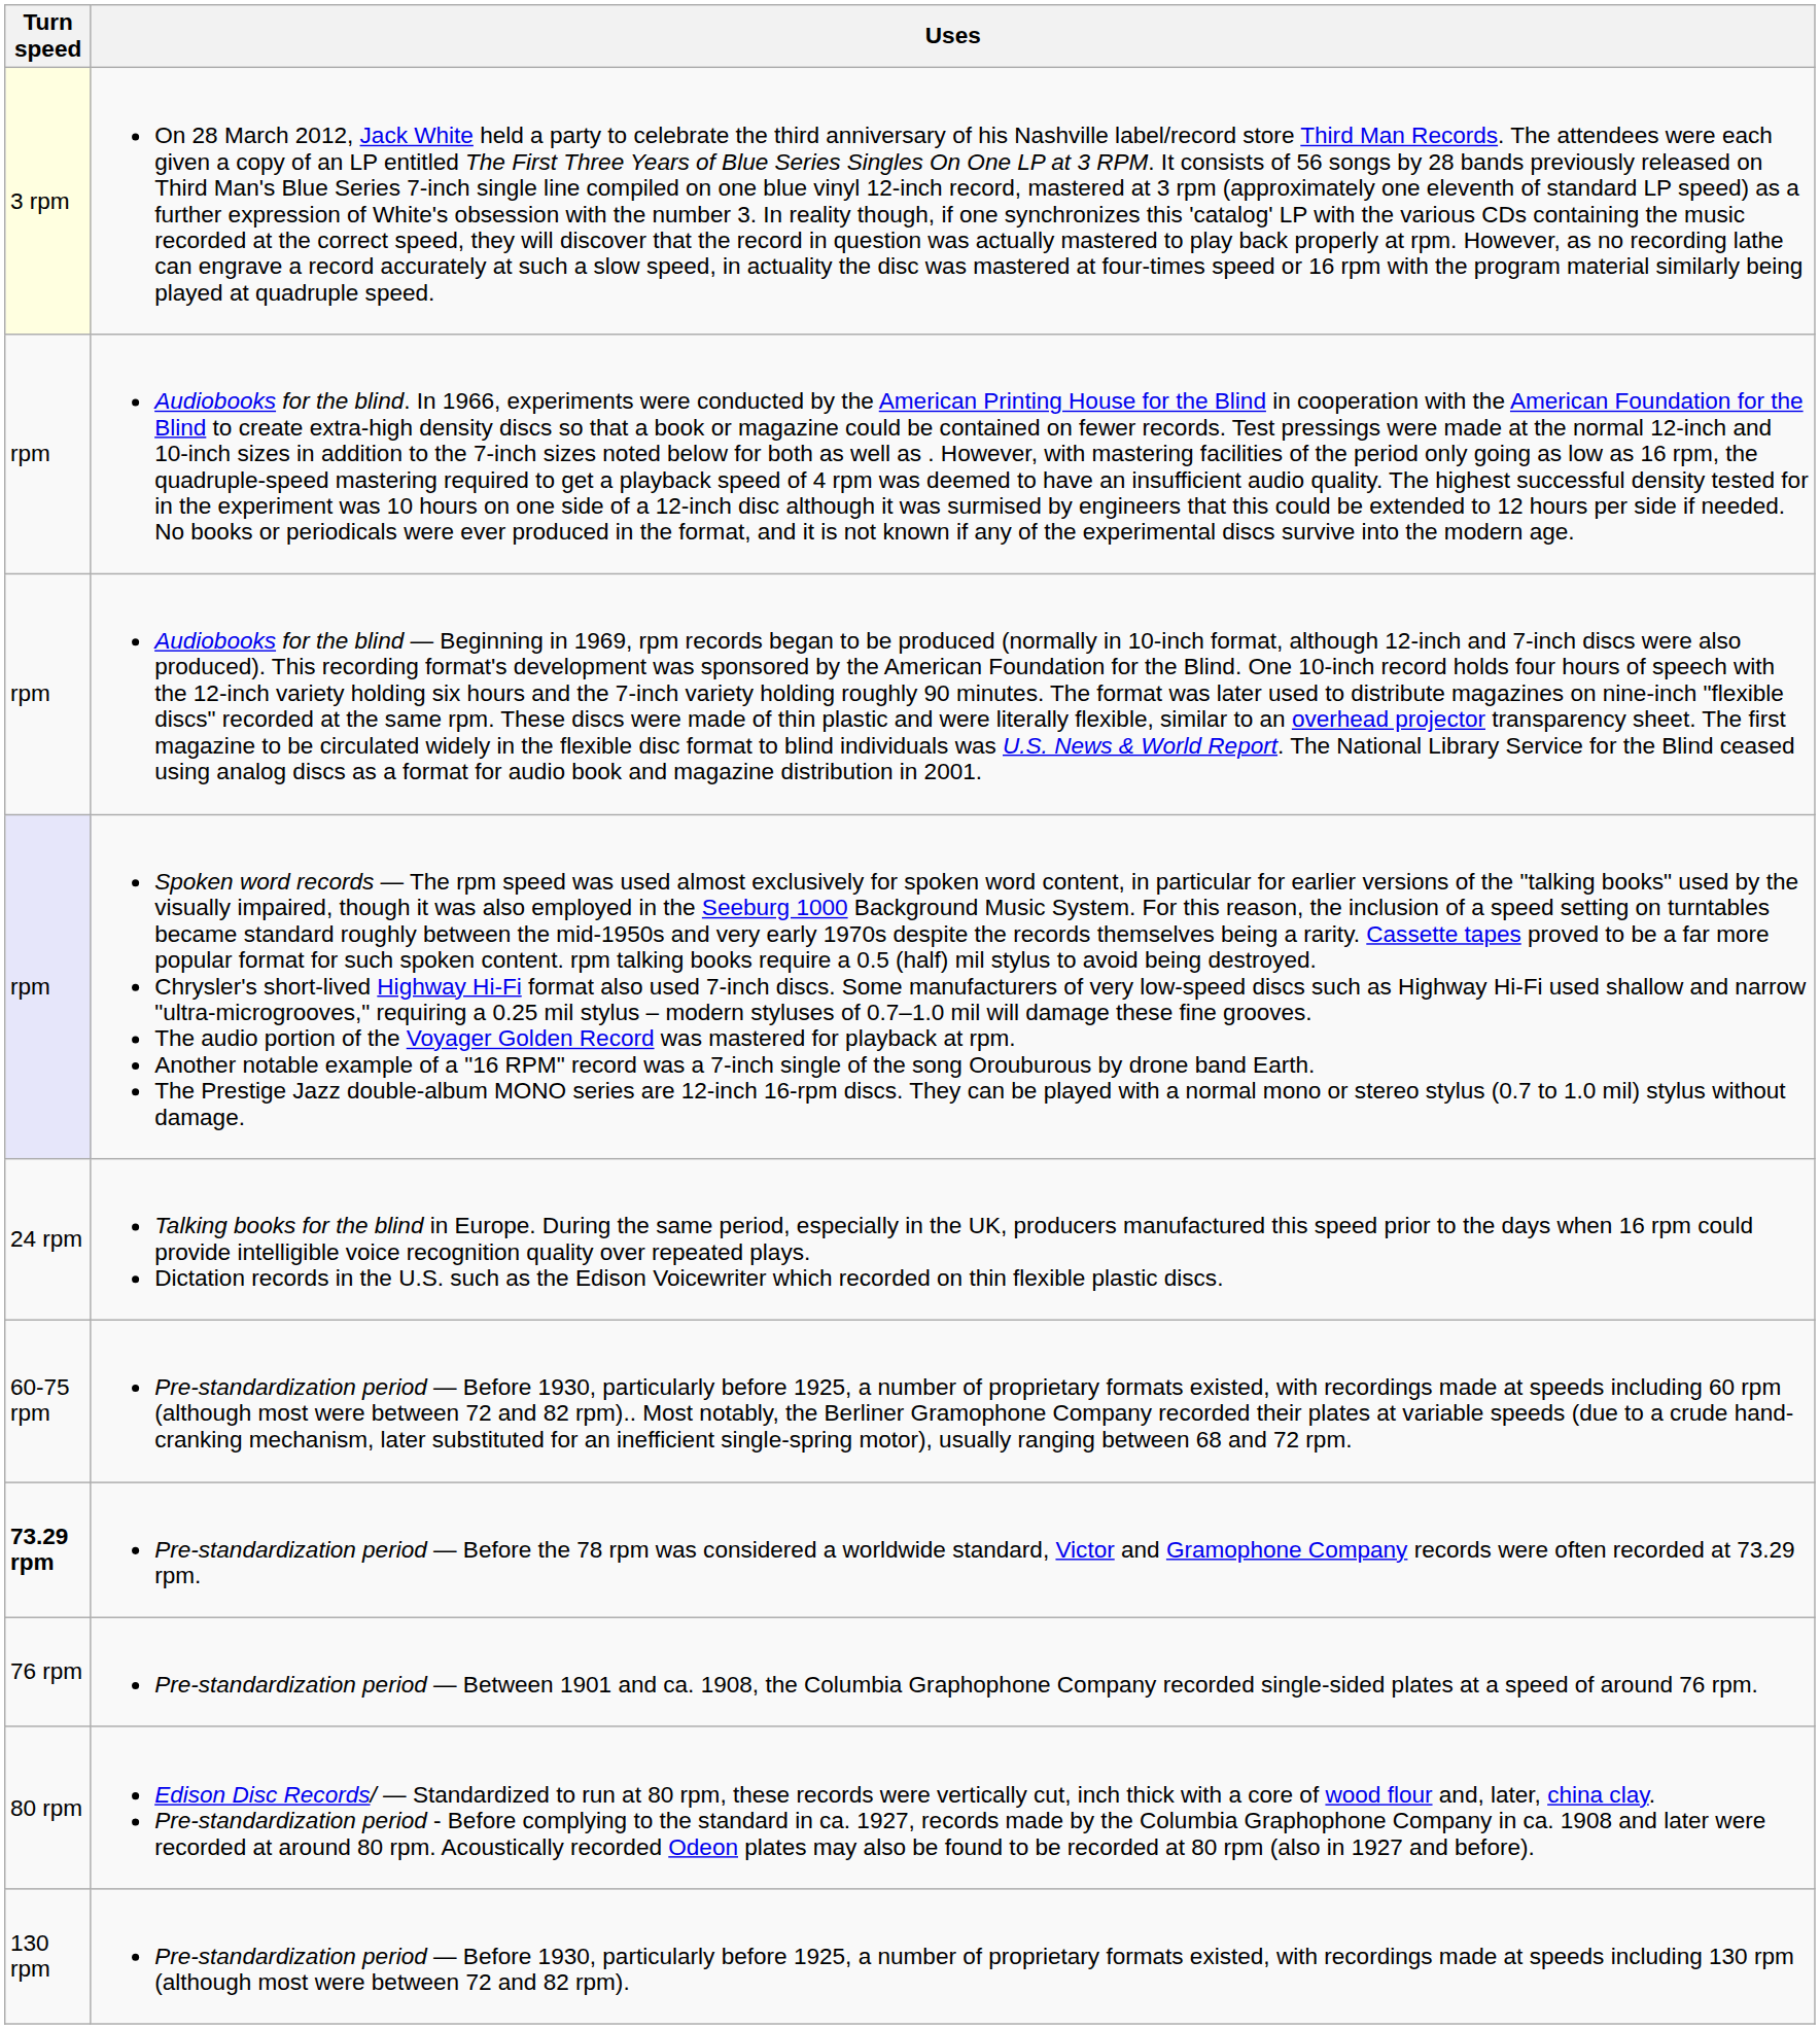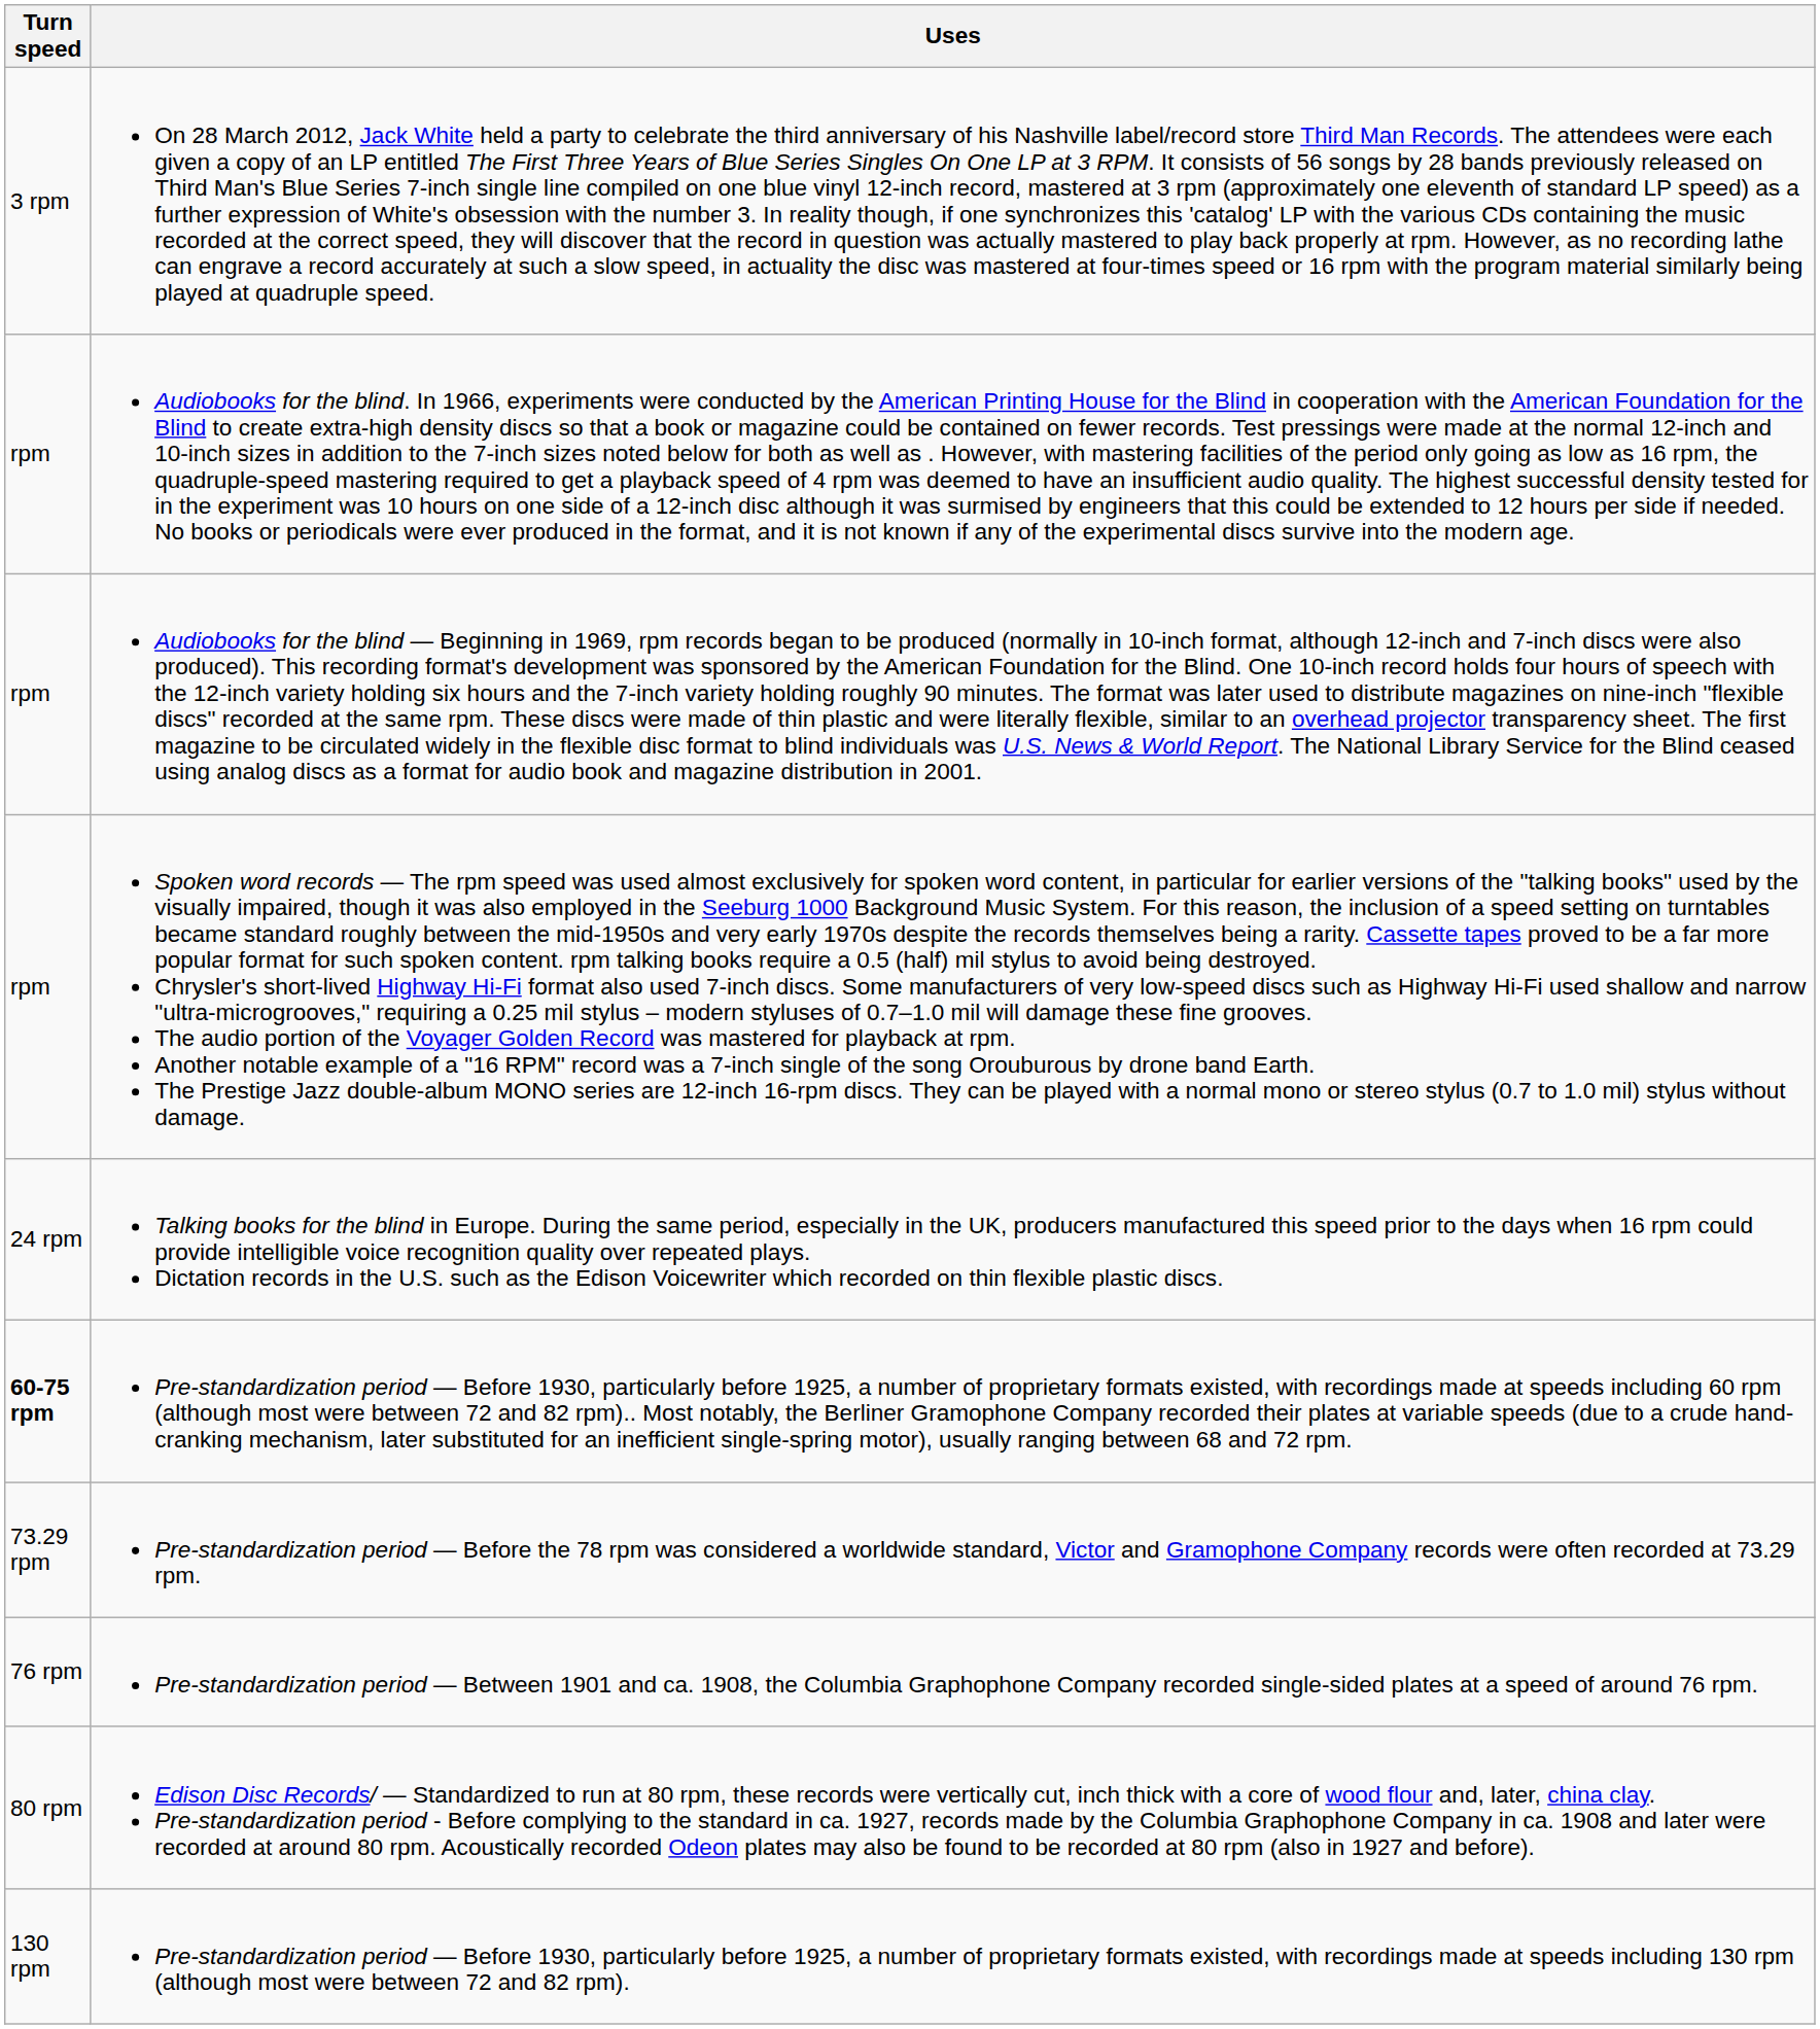 <table class="wikitable">
 <tr>
 <th>Turn speed</th>
 <th>Uses</th>
 </tr>
 <tr>
-<td style="background: lightyellow;">3 rpm</td>
+<td>3 rpm</td>
 <td><br><ul><li>On 28 March 2012, <a href='#'>Jack White</a> held a party to celebrate the third anniversary of his Nashville label/record store <a href='#'>Third Man Records</a>. The attendees were each given a copy of an LP entitled <em>The First Three Years of Blue Series Singles On One LP at 3 RPM</em>. It consists of 56 songs by 28 bands previously released on Third Man's Blue Series 7-inch single line compiled on one blue vinyl 12-inch record, mastered at 3 rpm (approximately one eleventh of standard LP speed) as a further expression of White's obsession with the number 3. In reality though, if one synchronizes this 'catalog' LP with the various CDs containing the music recorded at the correct speed, they will discover that the record in question was actually mastered to play back properly at  rpm. However, as no recording lathe can engrave a record accurately at such a slow speed, in actuality the disc was mastered at four-times speed or 16 rpm with the program material similarly being played at quadruple speed.</li></ul></td>
 </tr>
 <tr>
 <td> rpm</td>
 <td><br><ul><li><em><a href='#'>Audiobooks</a> for the blind</em>. In 1966, experiments were conducted by the <a href='#'>American Printing House for the Blind</a> in cooperation with the <a href='#'>American Foundation for the Blind</a> to create extra-high density discs so that a book or magazine could be contained on fewer records. Test pressings were made at the normal 12-inch and 10-inch sizes in addition to the 7-inch sizes noted below for both  as well as . However, with mastering facilities of the period only going as low as 16 rpm, the quadruple-speed mastering required to get a playback speed of 4 rpm was deemed to have an insufficient audio quality. The highest successful density tested for in the experiment was 10 hours on one side of a 12-inch disc although it was surmised by engineers that this could be extended to 12 hours per side if needed. No books or periodicals were ever produced in the format, and it is not known if any of the experimental discs survive into the modern age.</li></ul></td>
 </tr>
 <tr>
 <td> rpm</td>
 <td><br><ul><li><em><a href='#'>Audiobooks</a> for the blind</em> — Beginning in 1969,  rpm records began to be produced (normally in 10-inch format, although 12-inch and 7-inch discs were also produced). This recording format's development was sponsored by the American Foundation for the Blind. One 10-inch record holds four hours of speech with the 12-inch variety holding six hours and the 7-inch variety holding roughly 90 minutes. The format was later used to distribute magazines on nine-inch "flexible discs" recorded at the same  rpm. These discs were made of thin plastic and were literally flexible, similar to an <a href='#'>overhead projector</a> transparency sheet. The first magazine to be circulated widely in the flexible disc format to blind individuals was <em><a href='#'>U.S. News & World Report</a></em>. The National Library Service for the Blind ceased using analog discs as a format for audio book and magazine distribution in 2001.</li></ul></td>
 </tr>
 <tr>
-<td style="background: lavender;"> rpm</td>
+<td> rpm</td>
 <td><br><ul><li><em>Spoken word records</em> — The  rpm speed was used almost exclusively for spoken word content, in particular for earlier versions of the "talking books" used by the visually impaired, though it was also employed in the <a href='#'>Seeburg 1000</a> Background Music System. For this reason, the inclusion of a  speed setting on turntables became standard roughly between the mid-1950s and very early 1970s despite the records themselves being a rarity. <a href='#'>Cassette tapes</a> proved to be a far more popular format for such spoken content.  rpm talking books require a 0.5 (half) mil stylus to avoid being destroyed.</li><li>Chrysler's short-lived <a href='#'>Highway Hi-Fi</a> format also used  7-inch discs. Some manufacturers of very low-speed discs such as Highway Hi-Fi used shallow and narrow "ultra-microgrooves," requiring a 0.25 mil stylus – modern styluses of 0.7–1.0 mil will damage these fine grooves.</li><li>The audio portion of the <a href='#'>Voyager Golden Record</a> was mastered for playback at  rpm.</li><li>Another notable example of a "16 RPM" record was a 7-inch single of the song Orouburous by drone band Earth.</li><li>The Prestige Jazz double-album MONO series are 12-inch 16-rpm discs. They can be played with a normal mono or stereo stylus (0.7 to 1.0 mil) stylus without damage.</li></ul></td>
 </tr>
 <tr>
 <td>24 rpm</td>
 <td><br><ul><li><em>Talking books for the blind</em> in Europe. During the same period, especially in the UK, producers manufactured this speed prior to the days when 16 rpm could provide intelligible voice recognition quality over repeated plays.</li><li>Dictation records in the U.S. such as the Edison Voicewriter which recorded on thin flexible plastic discs.</li></ul></td>
 </tr>
 <tr>
-<td>60-75 rpm</td>
+<td><strong>60-75 rpm</strong></td>
 <td><br><ul><li><em>Pre-standardization period</em> — Before 1930, particularly before 1925, a number of proprietary formats existed, with recordings made at speeds including 60 rpm (although most were between 72 and 82 rpm).. Most notably, the Berliner Gramophone Company recorded their plates at variable speeds (due to a crude hand-cranking mechanism, later substituted for an inefficient single-spring motor), usually ranging between 68 and 72 rpm.</li></ul></td>
 </tr>
 <tr>
-<td><strong>73.29 rpm</strong></td>
+<td>73.29 rpm</td>
 <td><br><ul><li><em>Pre-standardization period</em> — Before the 78 rpm was considered a worldwide standard, <a href='#'>Victor</a> and <a href='#'>Gramophone Company</a> records were often recorded at 73.29 rpm.</li></ul></td>
 </tr>
 <tr>
 <td>76 rpm</td>
 <td><br><ul><li><em>Pre-standardization period</em> — Between 1901 and ca. 1908, the Columbia Graphophone Company recorded single-sided plates at a speed of around 76 rpm.</li></ul></td>
 </tr>
 <tr>
 <td>80 rpm</td>
 <td><br><ul><li><em><a href='#'>Edison Disc Records</a>/</em> — Standardized to run at 80 rpm, these records were vertically cut,  inch thick with a core of <a href='#'>wood flour</a> and, later, <a href='#'>china clay</a>.</li><li><em>Pre-standardization period</em> - Before complying to the standard in ca. 1927, records made by the Columbia Graphophone Company in ca. 1908 and later were recorded at around 80 rpm. Acoustically recorded <a href='#'>Odeon</a> plates may also be found to be recorded at 80 rpm (also in 1927 and before).</li></ul></td>
 </tr>
 <tr>
 <td>130 rpm</td>
 <td><br><ul><li><em>Pre-standardization period</em> — Before 1930, particularly before 1925, a number of proprietary formats existed, with recordings made at speeds including 130 rpm (although most were between 72 and 82 rpm).</li></ul></td>
 </tr>
 </table>
